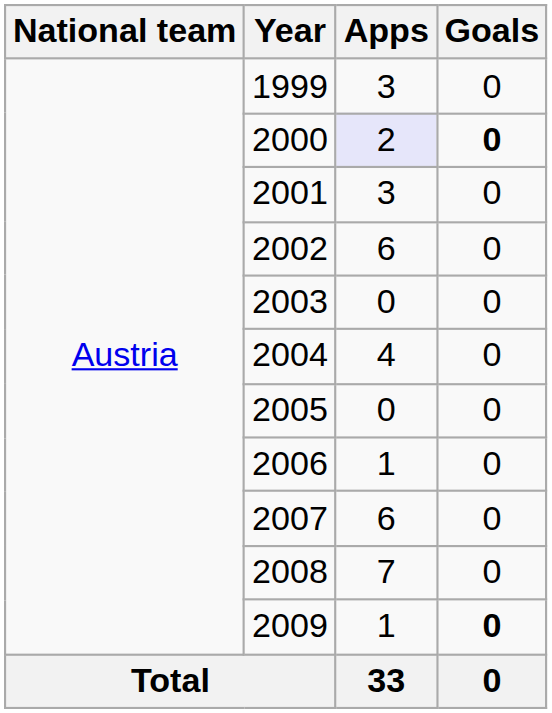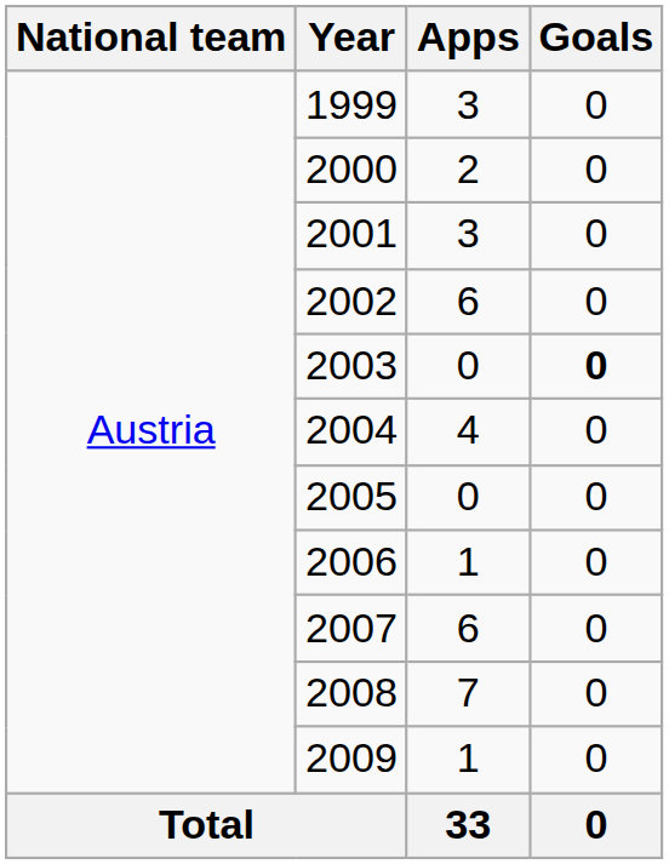 <table class="wikitable" style="text-align:center">
 <tr>
 <th>National team</th>
 <th>Year</th>
 <th>Apps</th>
 <th>Goals</th>
 </tr>
 <tr>
 <td rowspan="11"><a href='#'>Austria</a></td>
 <td>1999</td>
 <td>3</td>
 <td>0</td>
 </tr>
 <tr>
 <td>2000</td>
-<td style="background: lavender;">2</td>
-<td><strong>0</strong></td>
+<td>2</td>
+<td>0</td>
 </tr>
 <tr>
 <td>2001</td>
 <td>3</td>
 <td>0</td>
 </tr>
 <tr>
 <td>2002</td>
 <td>6</td>
 <td>0</td>
 </tr>
 <tr>
 <td>2003</td>
 <td>0</td>
-<td>0</td>
+<td><strong>0</strong></td>
 </tr>
 <tr>
 <td>2004</td>
 <td>4</td>
 <td>0</td>
 </tr>
 <tr>
 <td>2005</td>
 <td>0</td>
 <td>0</td>
 </tr>
 <tr>
 <td>2006</td>
 <td>1</td>
 <td>0</td>
 </tr>
 <tr>
 <td>2007</td>
 <td>6</td>
 <td>0</td>
 </tr>
 <tr>
 <td>2008</td>
 <td>7</td>
 <td>0</td>
 </tr>
 <tr>
 <td>2009</td>
 <td>1</td>
-<td><strong>0</strong></td>
+<td>0</td>
 </tr>
 <tr>
 <th colspan="2">Total</th>
 <th>33</th>
 <th>0</th>
 </tr>
 </table>
